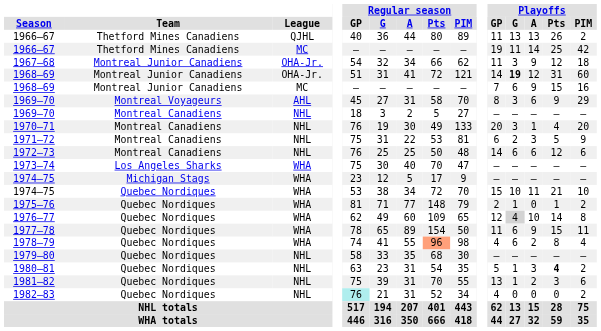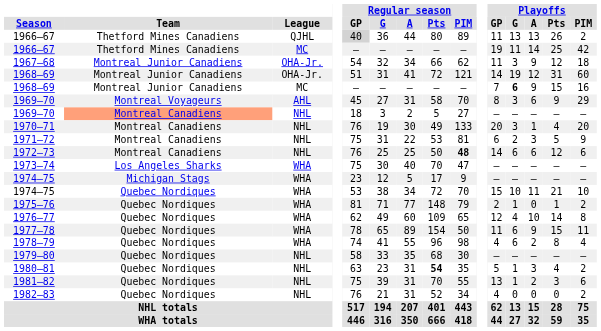 <table border="0" cellpadding="1" cellspacing="0" style="text-align:center; width:60em;">
 <tr style="background:#e0e0e0;">
 <th colspan="3"  bgcolor="#ffffff"> </th>
 <th rowspan="99" bgcolor="#ffffff"> </th>
 <th colspan="5"><a href='#'>Regular season</a></th>
 <th rowspan="99" bgcolor="#ffffff"> </th>
 <th colspan="5"><a href='#'>Playoffs</a></th>
 </tr>
 <tr style="background:#e0e0e0;">
 <th><a href='#'>Season</a></th>
 <th>Team</th>
 <th>League</th>
 <th>GP</th>
 <th><a href='#'>G</a></th>
 <th><a href='#'>A</a></th>
 <th><a href='#'>Pts</a></th>
 <th><a href='#'>PIM</a></th>
 <th>GP</th>
 <th>G</th>
 <th>A</th>
 <th>Pts</th>
 <th>PIM</th>
 </tr>
 <tr>
 <td>1966–67</td>
 <td>Thetford Mines Canadiens</td>
 <td>QJHL</td>
-<td>40</td>
+<td style="background: lightgrey;">40</td>
 <td>36</td>
 <td>44</td>
 <td>80</td>
 <td>89</td>
 <td>11</td>
 <td>13</td>
 <td>13</td>
 <td>26</td>
 <td>2</td>
 </tr>
 <tr style="background:#f0f0f0;">
 <td><a href='#'>1966–67</a></td>
 <td>Thetford Mines Canadiens</td>
 <td><a href='#'>MC</a></td>
 <td>—</td>
 <td>—</td>
 <td>—</td>
 <td>—</td>
 <td>—</td>
 <td>19</td>
 <td>11</td>
 <td>14</td>
 <td>25</td>
 <td>42</td>
 </tr>
 <tr>
 <td><a href='#'>1967–68</a></td>
 <td><a href='#'>Montreal Junior Canadiens</a></td>
 <td><a href='#'>OHA-Jr.</a></td>
 <td>54</td>
 <td>32</td>
 <td>34</td>
 <td>66</td>
 <td>62</td>
 <td>11</td>
 <td>3</td>
 <td>9</td>
 <td>12</td>
 <td>18</td>
 </tr>
 <tr style="background:#f0f0f0;">
 <td><a href='#'>1968–69</a></td>
 <td>Montreal Junior Canadiens</td>
 <td>OHA-Jr.</td>
 <td>51</td>
 <td>31</td>
 <td>41</td>
 <td>72</td>
 <td>121</td>
 <td>14</td>
-<td><strong>19</strong></td>
+<td>19</td>
 <td>12</td>
 <td>31</td>
 <td>60</td>
 </tr>
 <tr>
 <td><a href='#'>1968–69</a></td>
 <td>Montreal Junior Canadiens</td>
 <td>MC</td>
 <td>—</td>
 <td>—</td>
 <td>—</td>
 <td>—</td>
 <td>—</td>
 <td>7</td>
-<td>6</td>
+<td><strong>6</strong></td>
 <td>9</td>
 <td>15</td>
 <td>16</td>
 </tr>
 <tr style="background:#f0f0f0;">
 <td><a href='#'>1969–70</a></td>
 <td><a href='#'>Montreal Voyageurs</a></td>
 <td><a href='#'>AHL</a></td>
 <td>45</td>
 <td>27</td>
 <td>31</td>
 <td>58</td>
 <td>70</td>
 <td>8</td>
 <td>3</td>
 <td>6</td>
 <td>9</td>
 <td>29</td>
 </tr>
 <tr>
 <td><a href='#'>1969–70</a></td>
-<td><a href='#'>Montreal Canadiens</a></td>
+<td style="background: lightsalmon;"><a href='#'>Montreal Canadiens</a></td>
 <td><a href='#'>NHL</a></td>
 <td>18</td>
 <td>3</td>
 <td>2</td>
 <td>5</td>
 <td>27</td>
 <td>—</td>
 <td>—</td>
 <td>—</td>
 <td>—</td>
 <td>—</td>
 </tr>
 <tr style="background:#f0f0f0;">
 <td><a href='#'>1970–71</a></td>
 <td>Montreal Canadiens</td>
 <td>NHL</td>
 <td>76</td>
 <td>19</td>
 <td>30</td>
 <td>49</td>
 <td>133</td>
 <td>20</td>
 <td>3</td>
 <td>1</td>
 <td>4</td>
 <td>20</td>
 </tr>
 <tr>
 <td><a href='#'>1971–72</a></td>
 <td>Montreal Canadiens</td>
 <td>NHL</td>
 <td>75</td>
 <td>31</td>
 <td>22</td>
 <td>53</td>
 <td>81</td>
 <td>6</td>
 <td>2</td>
 <td>3</td>
 <td>5</td>
 <td>9</td>
 </tr>
 <tr style="background:#f0f0f0;">
 <td><a href='#'>1972–73</a></td>
 <td>Montreal Canadiens</td>
 <td>NHL</td>
 <td>76</td>
 <td>25</td>
 <td>25</td>
 <td>50</td>
-<td>48</td>
+<td><strong>48</strong></td>
 <td>14</td>
 <td>6</td>
 <td>6</td>
 <td>12</td>
 <td>6</td>
 </tr>
 <tr>
 <td><a href='#'>1973–74</a></td>
 <td><a href='#'>Los Angeles Sharks</a></td>
 <td><a href='#'>WHA</a></td>
 <td>75</td>
 <td>30</td>
 <td>40</td>
 <td>70</td>
 <td>47</td>
 <td>—</td>
 <td>—</td>
 <td>—</td>
 <td>—</td>
 <td>—</td>
 </tr>
 <tr style="background:#f0f0f0;">
 <td><a href='#'>1974–75</a></td>
 <td><a href='#'>Michigan Stags</a></td>
 <td>WHA</td>
 <td>23</td>
 <td>12</td>
 <td>5</td>
 <td>17</td>
 <td>9</td>
 <td>—</td>
 <td>—</td>
 <td>—</td>
 <td>—</td>
 <td>—</td>
 </tr>
 <tr>
 <td>1974–75</td>
 <td><a href='#'>Quebec Nordiques</a></td>
 <td>WHA</td>
 <td>53</td>
 <td>38</td>
 <td>34</td>
 <td>72</td>
 <td>70</td>
 <td>15</td>
 <td>10</td>
 <td>11</td>
 <td>21</td>
 <td>10</td>
 </tr>
 <tr style="background:#f0f0f0;">
 <td><a href='#'>1975–76</a></td>
 <td>Quebec Nordiques</td>
 <td>WHA</td>
 <td>81</td>
 <td>71</td>
 <td>77</td>
 <td>148</td>
 <td>79</td>
 <td>2</td>
 <td>1</td>
 <td>0</td>
 <td>1</td>
 <td>2</td>
 </tr>
 <tr>
 <td><a href='#'>1976–77</a></td>
 <td>Quebec Nordiques</td>
 <td>WHA</td>
 <td>62</td>
 <td>49</td>
 <td>60</td>
 <td>109</td>
 <td>65</td>
 <td>12</td>
-<td style="background: lightgrey;">4</td>
+<td>4</td>
 <td>10</td>
 <td>14</td>
 <td>8</td>
 </tr>
 <tr style="background:#f0f0f0;">
 <td><a href='#'>1977–78</a></td>
 <td>Quebec Nordiques</td>
 <td>WHA</td>
 <td>78</td>
 <td>65</td>
 <td>89</td>
 <td>154</td>
 <td>50</td>
 <td>11</td>
 <td>6</td>
 <td>9</td>
 <td>15</td>
 <td>11</td>
 </tr>
 <tr>
 <td><a href='#'>1978–79</a></td>
 <td>Quebec Nordiques</td>
 <td>WHA</td>
 <td>74</td>
 <td>41</td>
 <td>55</td>
-<td style="background: lightsalmon;">96</td>
+<td>96</td>
 <td>98</td>
 <td>4</td>
 <td>6</td>
 <td>2</td>
 <td>8</td>
 <td>4</td>
 </tr>
 <tr style="background:#f0f0f0;">
 <td><a href='#'>1979–80</a></td>
 <td>Quebec Nordiques</td>
 <td>NHL</td>
 <td>58</td>
 <td>33</td>
 <td>35</td>
 <td>68</td>
 <td>30</td>
 <td>—</td>
 <td>—</td>
 <td>—</td>
 <td>—</td>
 <td>—</td>
 </tr>
 <tr>
 <td><a href='#'>1980–81</a></td>
 <td>Quebec Nordiques</td>
 <td>NHL</td>
 <td>63</td>
 <td>23</td>
 <td>31</td>
-<td>54</td>
+<td><strong>54</strong></td>
 <td>35</td>
 <td>5</td>
 <td>1</td>
 <td>3</td>
-<td><strong>4</strong></td>
+<td>4</td>
 <td>2</td>
 </tr>
 <tr style="background:#f0f0f0;">
 <td><a href='#'>1981–82</a></td>
 <td>Quebec Nordiques</td>
 <td>NHL</td>
 <td>75</td>
 <td>39</td>
 <td>31</td>
 <td>70</td>
 <td>55</td>
 <td>13</td>
 <td>1</td>
 <td>2</td>
 <td>3</td>
 <td>6</td>
 </tr>
 <tr>
 <td><a href='#'>1982–83</a></td>
 <td>Quebec Nordiques</td>
 <td>NHL</td>
-<td style="background: paleturquoise;">76</td>
+<td>76</td>
 <td>21</td>
 <td>31</td>
 <td>52</td>
 <td>34</td>
 <td>4</td>
 <td>0</td>
 <td>0</td>
 <td>0</td>
 <td>2</td>
 </tr>
 <tr style="background:#e0e0e0;">
 <th colspan="3">NHL totals</th>
 <th>517</th>
 <th>194</th>
 <th>207</th>
 <th>401</th>
 <th>443</th>
 <th>62</th>
 <th>13</th>
 <th>15</th>
 <th>28</th>
 <th>75</th>
 </tr>
 <tr style="background:#e0e0e0;">
 <th colspan="3">WHA totals</th>
 <th>446</th>
 <th>316</th>
 <th>350</th>
 <th>666</th>
 <th>418</th>
 <th>44</th>
 <th>27</th>
 <th>32</th>
 <th>59</th>
 <th>35</th>
 </tr>
 </table>
